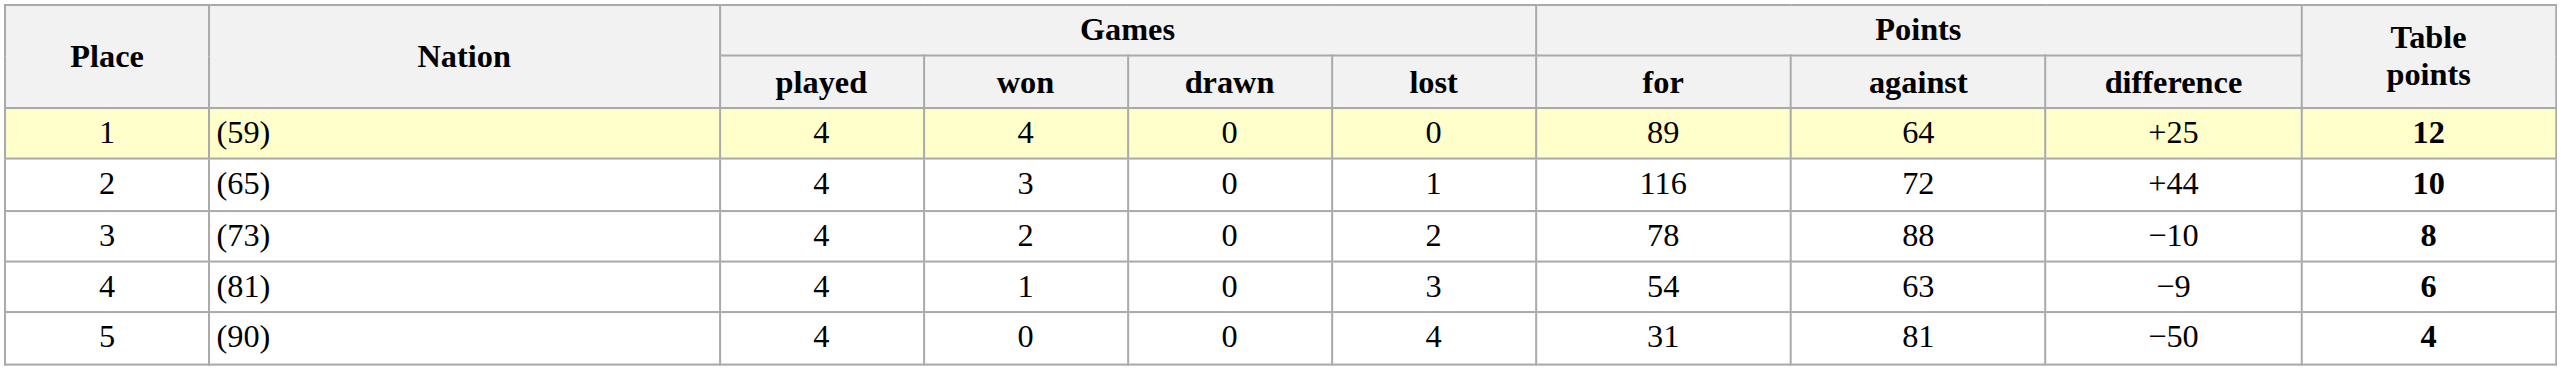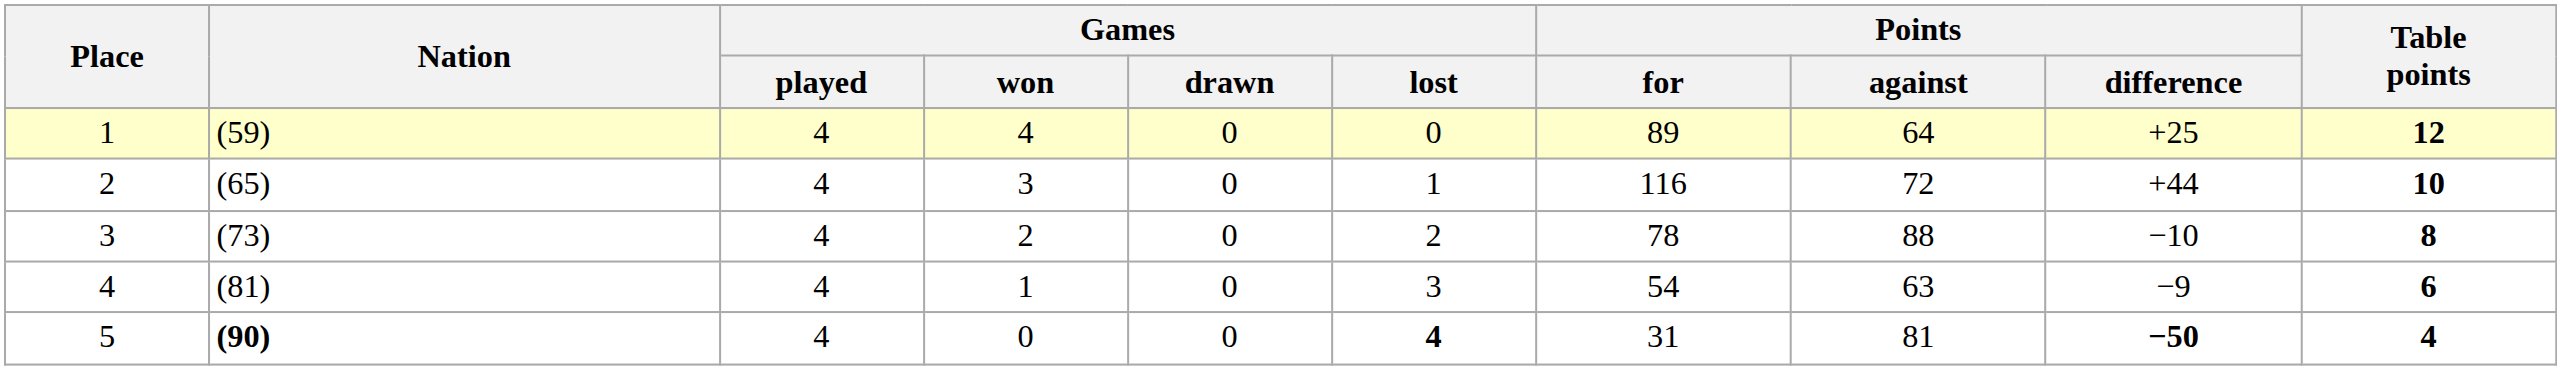 <table class="wikitable" width="100%">
 <tr>
 <th rowspan=2 width="8%">Place</th>
 <th rowspan=2 width="20%">Nation</th>
 <th colspan=4 width="32%">Games</th>
 <th colspan=3 width="30%">Points</th>
 <th rowspan=2 width="10%">Table<br>points</th>
 </tr>
 <tr>
 <th width="8%">played</th>
 <th width="8%">won</th>
 <th width="8%">drawn</th>
 <th width="8%">lost</th>
 <th width="10%">for</th>
 <th width="10%">against</th>
 <th width="10%">difference</th>
 </tr>
 <tr>
 </tr>
 <tr bgcolor=#ffffcc align=center>
 <td>1</td>
 <td align=left> (59)</td>
 <td>4</td>
 <td>4</td>
 <td>0</td>
 <td>0</td>
 <td>89</td>
 <td>64</td>
 <td>+25</td>
 <td><strong>12</strong></td>
 </tr>
 <tr bgcolor=#ffffff align=center>
 <td>2</td>
 <td align=left> (65)</td>
 <td>4</td>
 <td>3</td>
 <td>0</td>
 <td>1</td>
 <td>116</td>
 <td>72</td>
 <td>+44</td>
 <td><strong>10</strong></td>
 </tr>
 <tr bgcolor=#ffffff align=center>
 <td>3</td>
 <td align=left> (73)</td>
 <td>4</td>
 <td>2</td>
 <td>0</td>
 <td>2</td>
 <td>78</td>
 <td>88</td>
 <td>−10</td>
 <td><strong>8</strong></td>
 </tr>
 <tr bgcolor=#ffffff align=center>
 <td>4</td>
 <td align=left> (81)</td>
 <td>4</td>
 <td>1</td>
 <td>0</td>
 <td>3</td>
 <td>54</td>
 <td>63</td>
 <td>−9</td>
 <td><strong>6</strong></td>
 </tr>
 <tr bgcolor=#ffffff align=center>
 <td>5</td>
-<td align=left> (90)</td>
+<td align=left><strong> (90)</strong></td>
 <td>4</td>
 <td>0</td>
 <td>0</td>
-<td>4</td>
+<td><strong>4</strong></td>
 <td>31</td>
 <td>81</td>
-<td>−50</td>
+<td><strong>−50</strong></td>
 <td><strong>4</strong></td>
 </tr>
 </table>
